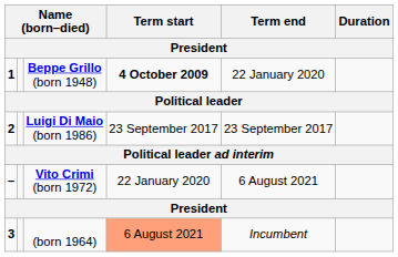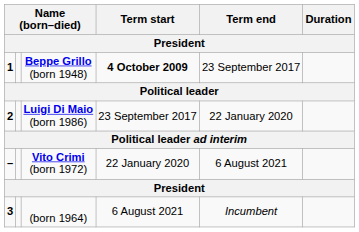 <table class="wikitable" style="text-align:center; border:1px #AAAAFF solid">
 <tr>
 <th colspan="3">Name<br>(born–died)</th>
 <th>Term start</th>
 <th>Term end</th>
 <th>Duration</th>
 </tr>
 <tr>
 <th colspan=7>President</th>
 </tr>
 <tr>
 <td style="background: "><strong>1</strong></td>
 <td></td>
 <td><strong><a href='#'>Beppe Grillo</a></strong><br>(born 1948)</td>
 <td><strong>4 October 2009</strong></td>
-<td>22 January 2020</td>
+<td>23 September 2017</td>
 <td></td>
 </tr>
 <tr>
 <th colspan=7>Political leader</th>
 </tr>
 <tr>
 <td style="background: "><strong>2</strong></td>
 <td></td>
 <td><strong><a href='#'>Luigi Di Maio</a></strong><br>(born 1986)</td>
 <td>23 September 2017</td>
-<td>23 September 2017</td>
+<td>22 January 2020</td>
 <td></td>
 </tr>
 <tr>
 <th colspan=7>Political leader <em>ad interim</em></th>
 </tr>
 <tr>
 <td style="background: "><strong>–</strong></td>
 <td></td>
 <td><strong><a href='#'>Vito Crimi</a></strong><br>(born 1972)</td>
 <td>22 January 2020</td>
 <td>6 August 2021</td>
 <td></td>
 </tr>
 <tr>
 <th colspan=7>President</th>
 </tr>
 <tr>
 <td style="background: "><strong>3</strong></td>
 <td></td>
 <td><br>(born 1964)</td>
-<td style="background: lightsalmon;">6 August 2021</td>
+<td>6 August 2021</td>
 <td><em>Incumbent</em></td>
 <td></td>
 </tr>
 </table>
